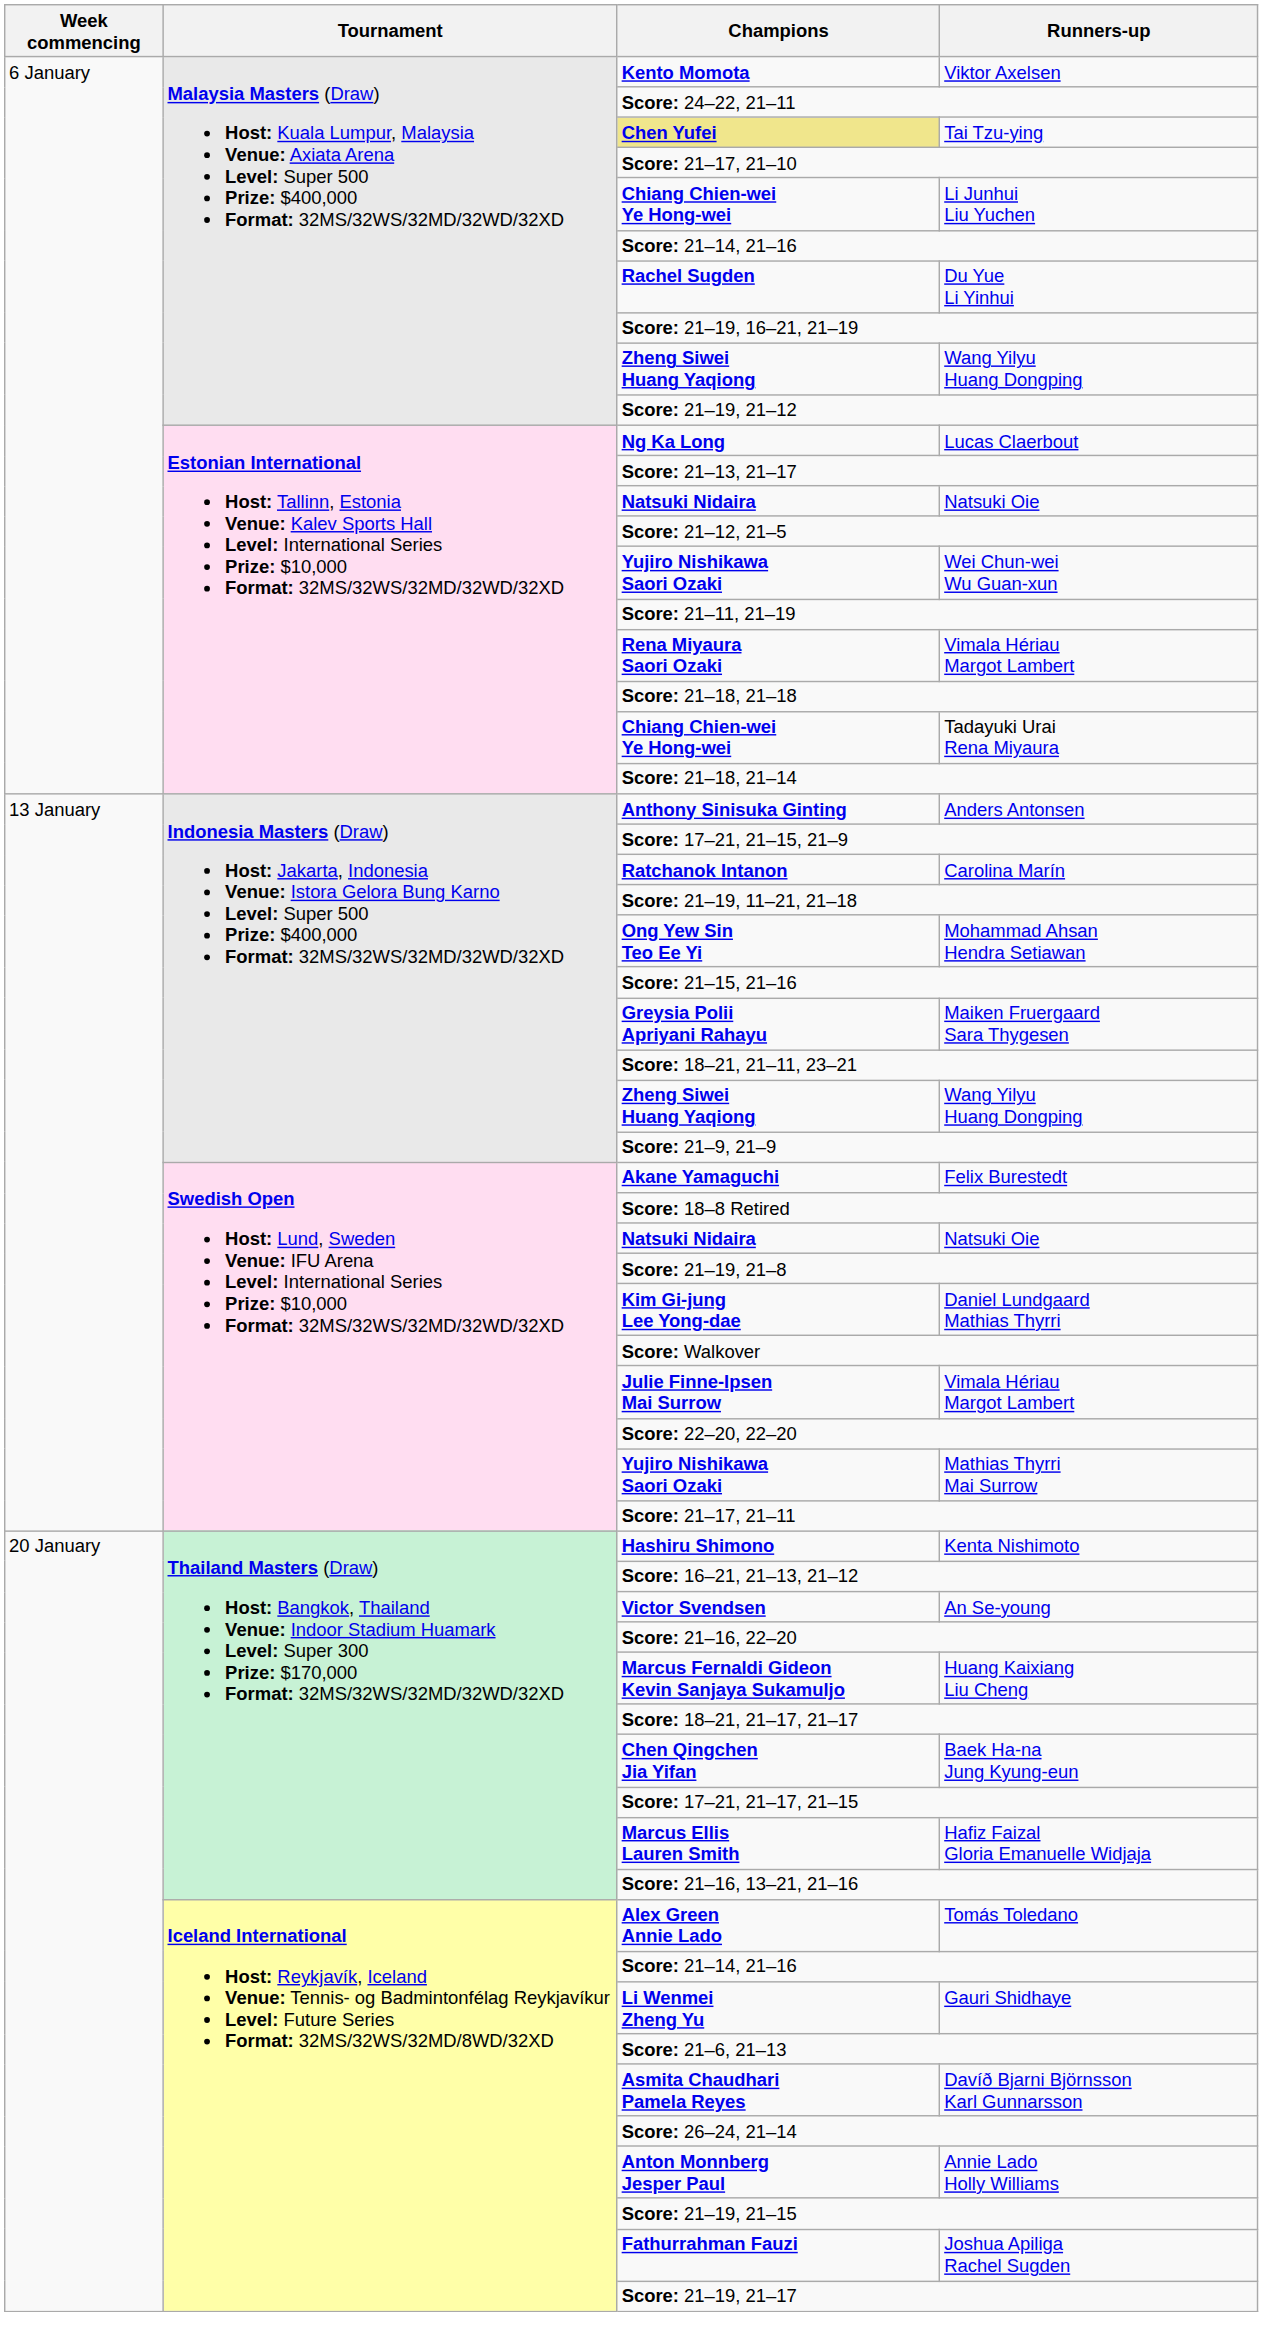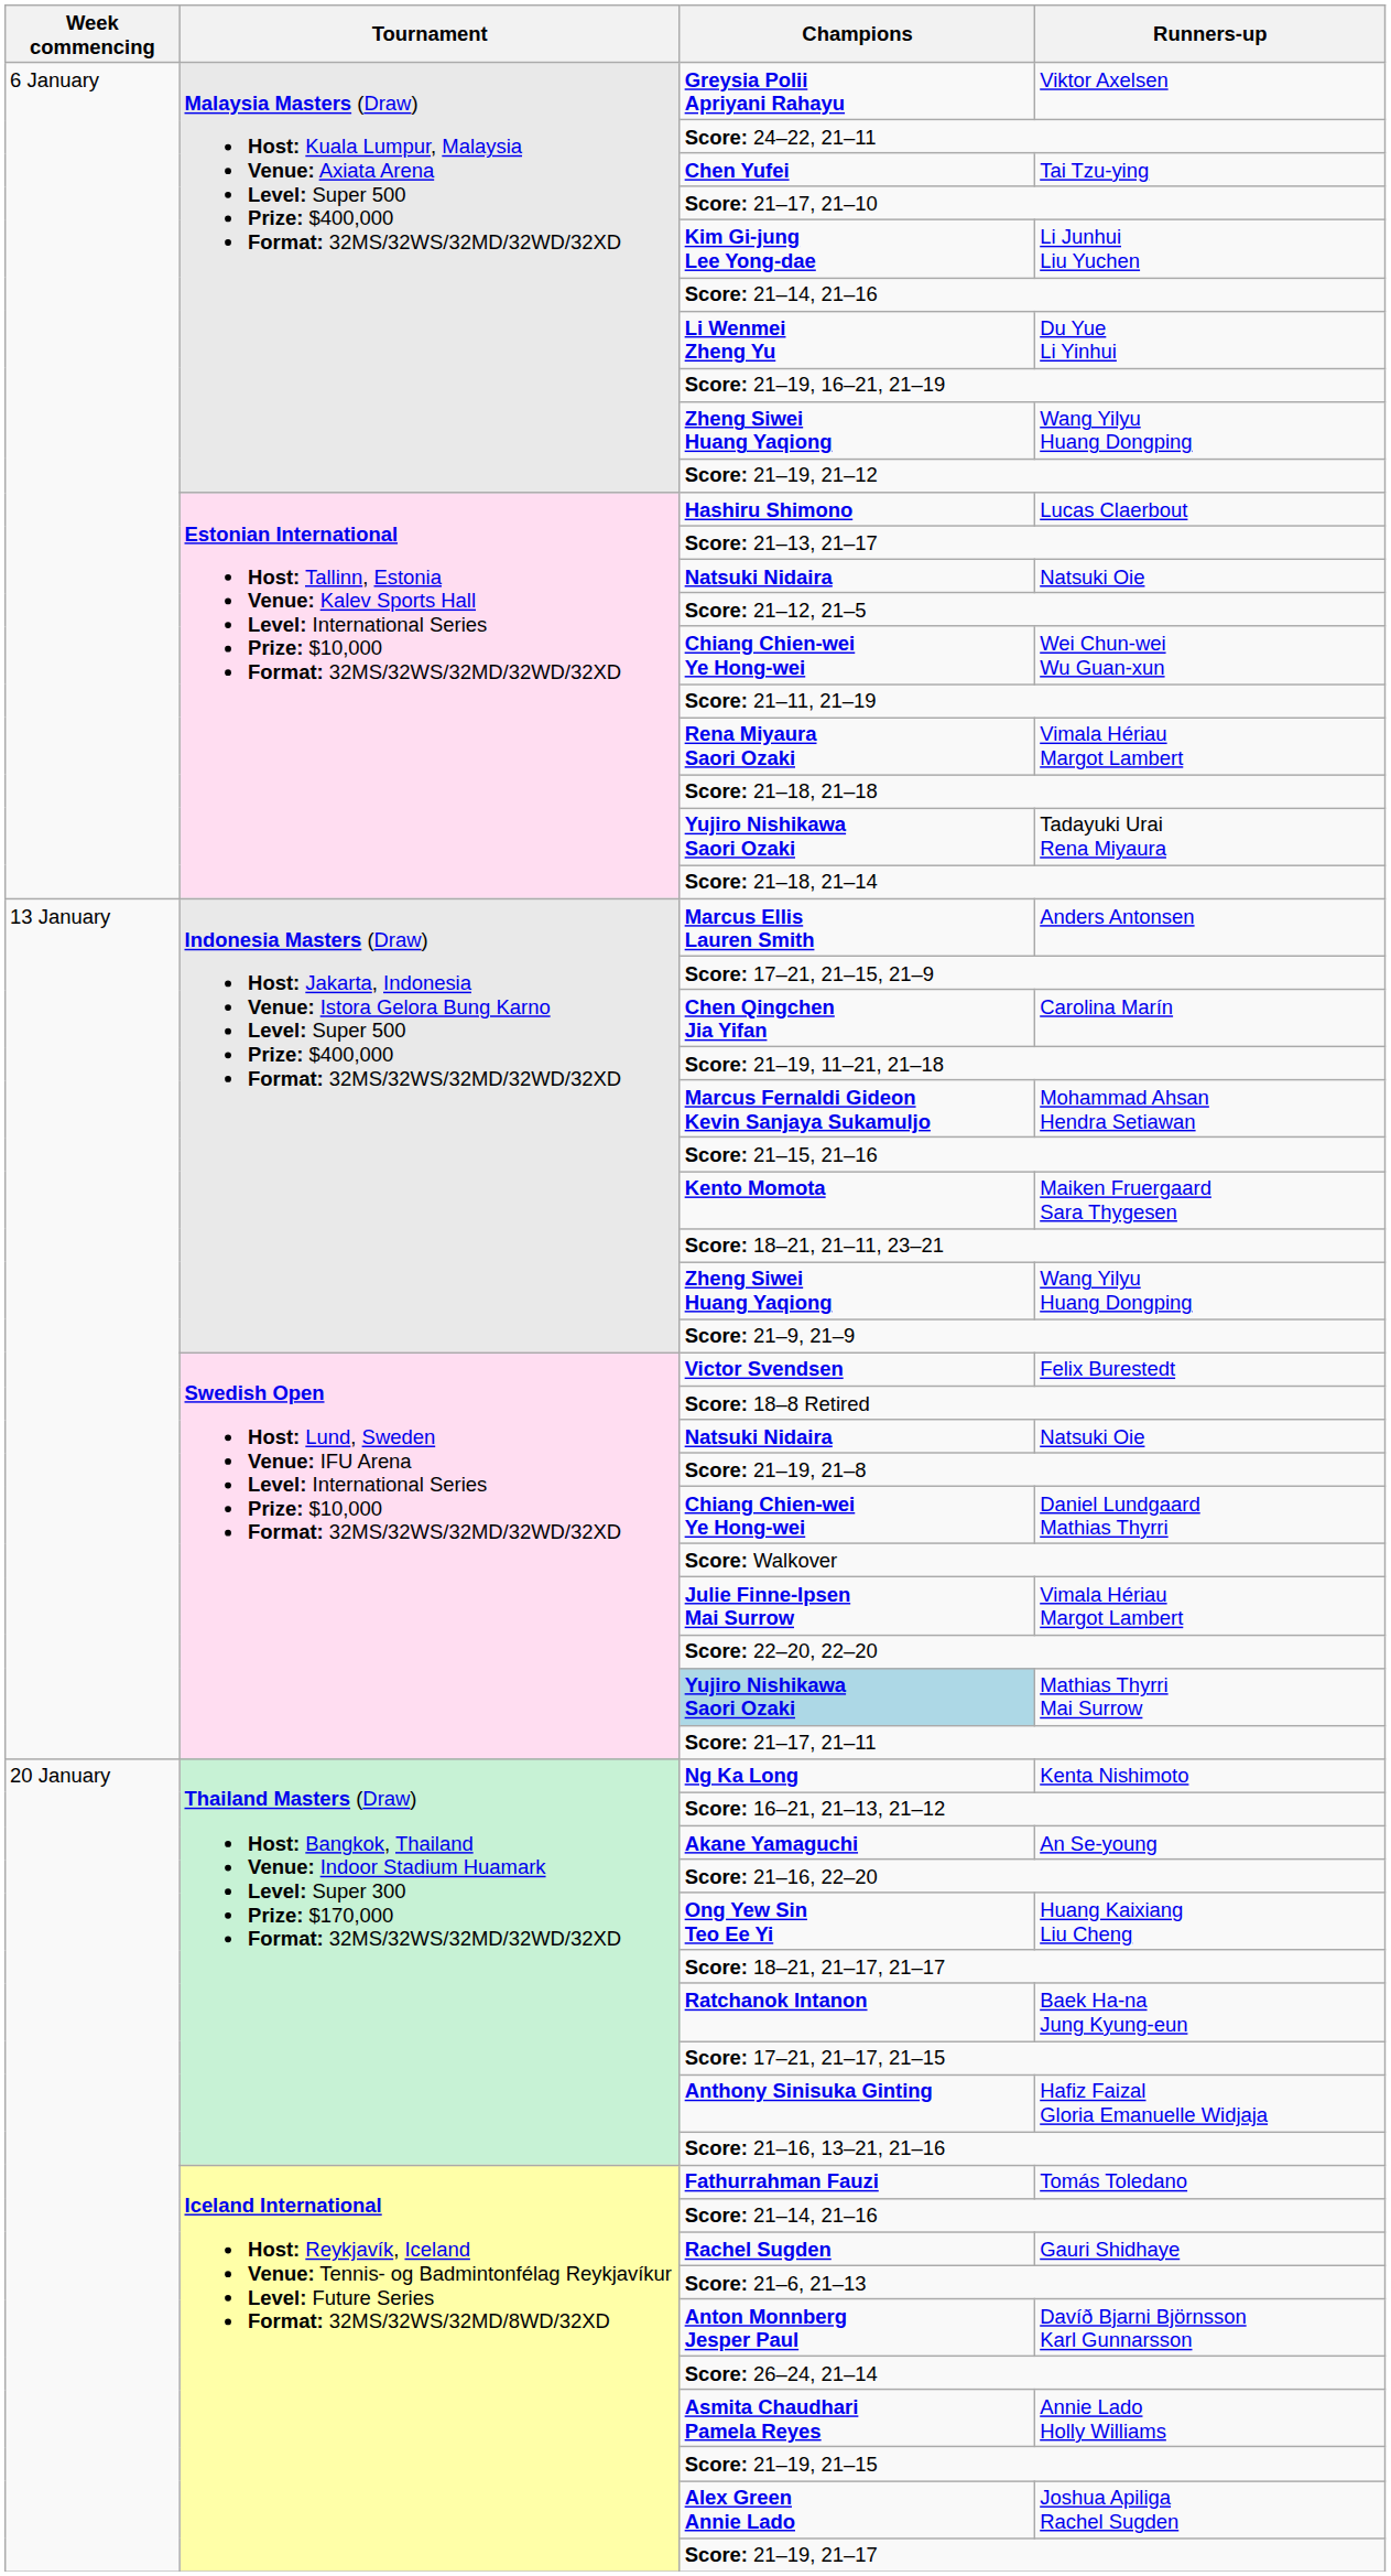 <table class="wikitable" style="font-size:80%">
 <tr>
 <th width="110">Week commencing</th>
 <th width="330">Tournament</th>
 <th width="250">Champions</th>
 <th width="250">Runners-up</th>
 </tr>
 <tr valign="top">
 <td rowspan="20">6 January</td>
 <td bgcolor="#E9E9E9" rowspan="10"><br><strong><a href='#'>Malaysia Masters</a></strong> (<a href='#'>Draw</a>)<ul><li><strong>Host:</strong> <a href='#'>Kuala Lumpur</a>, <a href='#'>Malaysia</a></li><li><strong>Venue:</strong> <a href='#'>Axiata Arena</a></li><li><strong>Level:</strong> Super 500</li><li><strong>Prize:</strong> $400,000</li><li><strong>Format:</strong> 32MS/32WS/32MD/32WD/32XD</li></ul></td>
-<td><strong> <a href='#'>Kento Momota</a></strong></td>
+<td><strong> <a href='#'>Greysia Polii</a><br> <a href='#'>Apriyani Rahayu</a></strong></td>
 <td> <a href='#'>Viktor Axelsen</a></td>
 </tr>
 <tr>
 <td colspan="2"><strong>Score:</strong> 24–22, 21–11</td>
 </tr>
 <tr valign="top">
-<td style="background: khaki;"><strong> <a href='#'>Chen Yufei</a></strong></td>
+<td><strong> <a href='#'>Chen Yufei</a></strong></td>
 <td> <a href='#'>Tai Tzu-ying</a></td>
 </tr>
 <tr>
 <td colspan="2"><strong>Score:</strong> 21–17, 21–10</td>
 </tr>
 <tr valign="top">
-<td><strong> <a href='#'>Chiang Chien-wei</a><br> <a href='#'>Ye Hong-wei</a></strong></td>
+<td><strong> <a href='#'>Kim Gi-jung</a><br> <a href='#'>Lee Yong-dae</a></strong></td>
 <td> <a href='#'>Li Junhui</a><br> <a href='#'>Liu Yuchen</a></td>
 </tr>
 <tr>
 <td colspan="2"><strong>Score:</strong> 21–14, 21–16</td>
 </tr>
 <tr valign="top">
-<td><strong> <a href='#'>Rachel Sugden</a></strong></td>
+<td><strong> <a href='#'>Li Wenmei</a><br> <a href='#'>Zheng Yu</a></strong></td>
 <td> <a href='#'>Du Yue</a><br> <a href='#'>Li Yinhui</a></td>
 </tr>
 <tr>
 <td colspan="2"><strong>Score:</strong> 21–19, 16–21, 21–19</td>
 </tr>
 <tr valign="top">
 <td><strong> <a href='#'>Zheng Siwei</a><br> <a href='#'>Huang Yaqiong</a></strong></td>
 <td> <a href='#'>Wang Yilyu</a><br> <a href='#'>Huang Dongping</a></td>
 </tr>
 <tr>
 <td colspan="2"><strong>Score:</strong> 21–19, 21–12</td>
 </tr>
 <tr valign="top">
 <td bgcolor="#FFDDF1" rowspan="10"><br><strong><a href='#'>Estonian International</a></strong><ul><li><strong>Host:</strong> <a href='#'>Tallinn</a>, <a href='#'>Estonia</a></li><li><strong>Venue:</strong> <a href='#'>Kalev Sports Hall</a></li><li><strong>Level:</strong> International Series</li><li><strong>Prize:</strong> $10,000</li><li><strong>Format:</strong> 32MS/32WS/32MD/32WD/32XD</li></ul></td>
-<td><strong> <a href='#'>Ng Ka Long</a></strong></td>
+<td><strong> <a href='#'>Hashiru Shimono</a></strong></td>
 <td> <a href='#'>Lucas Claerbout</a></td>
 </tr>
 <tr>
 <td colspan="2"><strong>Score:</strong> 21–13, 21–17</td>
 </tr>
 <tr valign="top">
 <td><strong> <a href='#'>Natsuki Nidaira</a></strong></td>
 <td> <a href='#'>Natsuki Oie</a></td>
 </tr>
 <tr>
 <td colspan="2"><strong>Score:</strong> 21–12, 21–5</td>
 </tr>
 <tr valign="top">
-<td><strong> <a href='#'>Yujiro Nishikawa</a><br> <a href='#'>Saori Ozaki</a></strong></td>
+<td><strong> <a href='#'>Chiang Chien-wei</a><br> <a href='#'>Ye Hong-wei</a></strong></td>
 <td> <a href='#'>Wei Chun-wei</a><br> <a href='#'>Wu Guan-xun</a></td>
 </tr>
 <tr>
 <td colspan="2"><strong>Score:</strong> 21–11, 21–19</td>
 </tr>
 <tr valign="top">
 <td><strong> <a href='#'>Rena Miyaura</a><br> <a href='#'>Saori Ozaki</a></strong></td>
 <td> <a href='#'>Vimala Hériau</a><br> <a href='#'>Margot Lambert</a></td>
 </tr>
 <tr>
 <td colspan="2"><strong>Score:</strong> 21–18, 21–18</td>
 </tr>
 <tr valign="top">
-<td><strong> <a href='#'>Chiang Chien-wei</a><br> <a href='#'>Ye Hong-wei</a></strong></td>
+<td><strong> <a href='#'>Yujiro Nishikawa</a><br> <a href='#'>Saori Ozaki</a></strong></td>
 <td> Tadayuki Urai<br> <a href='#'>Rena Miyaura</a></td>
 </tr>
 <tr>
 <td colspan="2"><strong>Score:</strong> 21–18, 21–14</td>
 </tr>
 <tr valign="top">
 <td rowspan="20">13 January</td>
 <td bgcolor="#E9E9E9" rowspan="10"><br><strong><a href='#'>Indonesia Masters</a></strong> (<a href='#'>Draw</a>)<ul><li><strong>Host:</strong> <a href='#'>Jakarta</a>, <a href='#'>Indonesia</a></li><li><strong>Venue:</strong> <a href='#'>Istora Gelora Bung Karno</a></li><li><strong>Level:</strong> Super 500</li><li><strong>Prize:</strong> $400,000</li><li><strong>Format:</strong> 32MS/32WS/32MD/32WD/32XD</li></ul></td>
-<td><strong> <a href='#'>Anthony Sinisuka Ginting</a></strong></td>
+<td><strong> <a href='#'>Marcus Ellis</a><br> <a href='#'>Lauren Smith</a></strong></td>
 <td> <a href='#'>Anders Antonsen</a></td>
 </tr>
 <tr>
 <td colspan="2"><strong>Score:</strong> 17–21, 21–15, 21–9</td>
 </tr>
 <tr valign="top">
-<td><strong> <a href='#'>Ratchanok Intanon</a></strong></td>
+<td><strong> <a href='#'>Chen Qingchen</a><br> <a href='#'>Jia Yifan</a></strong></td>
 <td> <a href='#'>Carolina Marín</a></td>
 </tr>
 <tr>
 <td colspan="2"><strong>Score:</strong> 21–19, 11–21, 21–18</td>
 </tr>
 <tr valign="top">
-<td><strong> <a href='#'>Ong Yew Sin</a><br> <a href='#'>Teo Ee Yi</a></strong></td>
+<td><strong> <a href='#'>Marcus Fernaldi Gideon</a><br> <a href='#'>Kevin Sanjaya Sukamuljo</a></strong></td>
 <td> <a href='#'>Mohammad Ahsan</a><br> <a href='#'>Hendra Setiawan</a></td>
 </tr>
 <tr>
 <td colspan="2"><strong>Score:</strong> 21–15, 21–16</td>
 </tr>
 <tr valign="top">
-<td><strong> <a href='#'>Greysia Polii</a><br> <a href='#'>Apriyani Rahayu</a></strong></td>
+<td><strong> <a href='#'>Kento Momota</a></strong></td>
 <td> <a href='#'>Maiken Fruergaard</a><br> <a href='#'>Sara Thygesen</a></td>
 </tr>
 <tr>
 <td colspan="2"><strong>Score:</strong> 18–21, 21–11, 23–21</td>
 </tr>
 <tr valign="top">
 <td><strong> <a href='#'>Zheng Siwei</a><br> <a href='#'>Huang Yaqiong</a></strong></td>
 <td> <a href='#'>Wang Yilyu</a><br> <a href='#'>Huang Dongping</a></td>
 </tr>
 <tr>
 <td colspan="2"><strong>Score:</strong> 21–9, 21–9</td>
 </tr>
 <tr valign="top">
 <td bgcolor="#FFDDF1" rowspan="10"><br><strong><a href='#'>Swedish Open</a></strong><ul><li><strong>Host:</strong> <a href='#'>Lund</a>, <a href='#'>Sweden</a></li><li><strong>Venue:</strong> IFU Arena</li><li><strong>Level:</strong> International Series</li><li><strong>Prize:</strong> $10,000</li><li><strong>Format:</strong> 32MS/32WS/32MD/32WD/32XD</li></ul></td>
-<td><strong> <a href='#'>Akane Yamaguchi</a></strong></td>
+<td><strong> <a href='#'>Victor Svendsen</a></strong></td>
 <td> <a href='#'>Felix Burestedt</a></td>
 </tr>
 <tr>
 <td colspan="2"><strong>Score:</strong> 18–8 Retired</td>
 </tr>
 <tr valign="top">
 <td><strong> <a href='#'>Natsuki Nidaira</a></strong></td>
 <td> <a href='#'>Natsuki Oie</a></td>
 </tr>
 <tr>
 <td colspan="2"><strong>Score:</strong> 21–19, 21–8</td>
 </tr>
 <tr valign="top">
-<td><strong> <a href='#'>Kim Gi-jung</a><br> <a href='#'>Lee Yong-dae</a></strong></td>
+<td><strong> <a href='#'>Chiang Chien-wei</a><br> <a href='#'>Ye Hong-wei</a></strong></td>
 <td> <a href='#'>Daniel Lundgaard</a><br> <a href='#'>Mathias Thyrri</a></td>
 </tr>
 <tr>
 <td colspan="2"><strong>Score:</strong> Walkover</td>
 </tr>
 <tr valign="top">
 <td><strong> <a href='#'>Julie Finne-Ipsen</a><br> <a href='#'>Mai Surrow</a></strong></td>
 <td> <a href='#'>Vimala Hériau</a><br> <a href='#'>Margot Lambert</a></td>
 </tr>
 <tr>
 <td colspan="2"><strong>Score:</strong> 22–20, 22–20</td>
 </tr>
 <tr valign="top">
-<td><strong> <a href='#'>Yujiro Nishikawa</a><br> <a href='#'>Saori Ozaki</a></strong></td>
+<td style="background: lightblue;"><strong> <a href='#'>Yujiro Nishikawa</a><br> <a href='#'>Saori Ozaki</a></strong></td>
 <td> <a href='#'>Mathias Thyrri</a><br> <a href='#'>Mai Surrow</a></td>
 </tr>
 <tr>
 <td colspan="2"><strong>Score:</strong> 21–17, 21–11</td>
 </tr>
 <tr valign="top">
 <td rowspan="20">20 January</td>
 <td bgcolor="#C7F2D5" rowspan="10"><br><strong><a href='#'>Thailand Masters</a></strong> (<a href='#'>Draw</a>)<ul><li><strong>Host:</strong> <a href='#'>Bangkok</a>, <a href='#'>Thailand</a></li><li><strong>Venue:</strong> <a href='#'>Indoor Stadium Huamark</a></li><li><strong>Level:</strong> Super 300</li><li><strong>Prize:</strong> $170,000</li><li><strong>Format:</strong> 32MS/32WS/32MD/32WD/32XD</li></ul></td>
-<td><strong> <a href='#'>Hashiru Shimono</a></strong></td>
+<td><strong> <a href='#'>Ng Ka Long</a></strong></td>
 <td> <a href='#'>Kenta Nishimoto</a></td>
 </tr>
 <tr>
 <td colspan="2"><strong>Score:</strong> 16–21, 21–13, 21–12</td>
 </tr>
 <tr valign="top">
-<td><strong> <a href='#'>Victor Svendsen</a></strong></td>
+<td><strong> <a href='#'>Akane Yamaguchi</a></strong></td>
 <td> <a href='#'>An Se-young</a></td>
 </tr>
 <tr>
 <td colspan="2"><strong>Score:</strong> 21–16, 22–20</td>
 </tr>
 <tr valign="top">
-<td><strong> <a href='#'>Marcus Fernaldi Gideon</a><br> <a href='#'>Kevin Sanjaya Sukamuljo</a></strong></td>
+<td><strong> <a href='#'>Ong Yew Sin</a><br> <a href='#'>Teo Ee Yi</a></strong></td>
 <td> <a href='#'>Huang Kaixiang</a><br> <a href='#'>Liu Cheng</a></td>
 </tr>
 <tr>
 <td colspan="2"><strong>Score:</strong> 18–21, 21–17, 21–17</td>
 </tr>
 <tr valign="top">
-<td><strong> <a href='#'>Chen Qingchen</a><br> <a href='#'>Jia Yifan</a></strong></td>
+<td><strong> <a href='#'>Ratchanok Intanon</a></strong></td>
 <td> <a href='#'>Baek Ha-na</a><br> <a href='#'>Jung Kyung-eun</a></td>
 </tr>
 <tr>
 <td colspan="2"><strong>Score:</strong> 17–21, 21–17, 21–15</td>
 </tr>
 <tr valign="top">
-<td><strong> <a href='#'>Marcus Ellis</a><br> <a href='#'>Lauren Smith</a></strong></td>
+<td><strong> <a href='#'>Anthony Sinisuka Ginting</a></strong></td>
 <td> <a href='#'>Hafiz Faizal</a><br> <a href='#'>Gloria Emanuelle Widjaja</a></td>
 </tr>
 <tr>
 <td colspan="2"><strong>Score:</strong> 21–16, 13–21, 21–16</td>
 </tr>
 <tr valign="top">
 <td bgcolor="#FFFFA8" rowspan="10"><br><strong><a href='#'>Iceland International</a></strong><ul><li><strong>Host:</strong> <a href='#'>Reykjavík</a>, <a href='#'>Iceland</a></li><li><strong>Venue:</strong> Tennis- og Badmintonfélag Reykjavíkur</li><li><strong>Level:</strong> Future Series</li><li><strong>Format:</strong> 32MS/32WS/32MD/8WD/32XD</li></ul></td>
-<td><strong> <a href='#'>Alex Green</a><br> <a href='#'>Annie Lado</a></strong></td>
+<td><strong> <a href='#'>Fathurrahman Fauzi</a></strong></td>
 <td> <a href='#'>Tomás Toledano</a></td>
 </tr>
 <tr>
 <td colspan="2"><strong>Score:</strong> 21–14, 21–16</td>
 </tr>
 <tr valign="top">
-<td><strong> <a href='#'>Li Wenmei</a><br> <a href='#'>Zheng Yu</a></strong></td>
+<td><strong> <a href='#'>Rachel Sugden</a></strong></td>
 <td> <a href='#'>Gauri Shidhaye</a></td>
 </tr>
 <tr>
 <td colspan="2"><strong>Score:</strong> 21–6, 21–13</td>
 </tr>
 <tr valign="top">
-<td><strong> <a href='#'>Asmita Chaudhari</a><br> <a href='#'>Pamela Reyes</a></strong></td>
+<td><strong> <a href='#'>Anton Monnberg</a><br> <a href='#'>Jesper Paul</a></strong></td>
 <td> <a href='#'>Davíð Bjarni Björnsson</a><br> <a href='#'>Karl Gunnarsson</a></td>
 </tr>
 <tr>
 <td colspan="2"><strong>Score:</strong> 26–24, 21–14</td>
 </tr>
 <tr valign="top">
-<td><strong> <a href='#'>Anton Monnberg</a><br> <a href='#'>Jesper Paul</a></strong></td>
+<td><strong> <a href='#'>Asmita Chaudhari</a><br> <a href='#'>Pamela Reyes</a></strong></td>
 <td> <a href='#'>Annie Lado</a><br> <a href='#'>Holly Williams</a></td>
 </tr>
 <tr>
 <td colspan="2"><strong>Score:</strong> 21–19, 21–15</td>
 </tr>
 <tr valign="top">
-<td><strong> <a href='#'>Fathurrahman Fauzi</a></strong></td>
+<td><strong> <a href='#'>Alex Green</a><br> <a href='#'>Annie Lado</a></strong></td>
 <td> <a href='#'>Joshua Apiliga</a><br> <a href='#'>Rachel Sugden</a></td>
 </tr>
 <tr>
 <td colspan="2"><strong>Score:</strong> 21–19, 21–17</td>
 </tr>
 </table>
